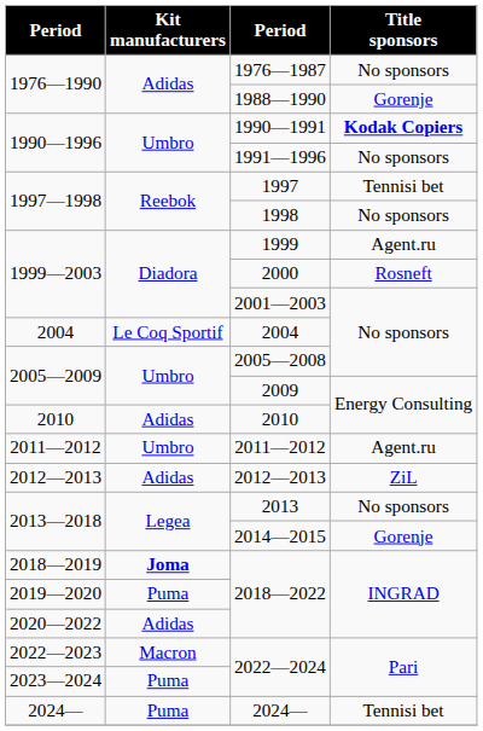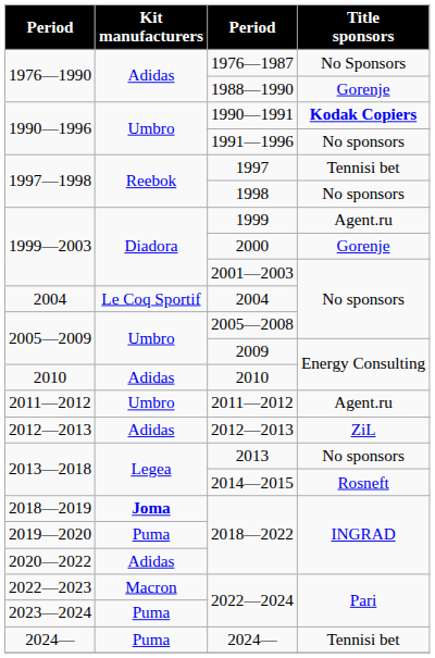 <table class="wikitable" style="text-align: center;">
 <tr>
 <th style="background:  black; color:white" align=right>Period</th>
 <th style="background:  black; color:white" align=right>Kit<br>manufacturers</th>
 <th style="background:  black; color:white" align=right>Period</th>
 <th style="background:  black; color:white" align=right>Title<br>sponsors</th>
 </tr>
 <tr>
 <td rowspan="2">1976—1990</td>
 <td rowspan="2"><a href='#'>Adidas</a></td>
 <td>1976—1987</td>
-<td>No sponsors</td>
+<td>No Sponsors</td>
 </tr>
 <tr>
 <td>1988—1990</td>
 <td><a href='#'>Gorenje</a></td>
 </tr>
 <tr>
 <td rowspan="2">1990—1996</td>
 <td rowspan="2"><a href='#'>Umbro</a></td>
 <td>1990—1991</td>
 <td><strong><a href='#'>Kodak Copiers</a></strong></td>
 </tr>
 <tr>
 <td>1991—1996</td>
 <td>No sponsors</td>
 </tr>
 <tr>
 <td rowspan="2">1997—1998</td>
 <td rowspan="2"><a href='#'>Reebok</a></td>
 <td>1997</td>
 <td>Tennisi bet</td>
 </tr>
 <tr>
 <td>1998</td>
 <td>No sponsors</td>
 </tr>
 <tr>
 <td rowspan="3">1999—2003</td>
 <td rowspan="3"><a href='#'>Diadora</a></td>
 <td>1999</td>
 <td>Agent.ru</td>
 </tr>
 <tr>
 <td>2000</td>
-<td><a href='#'>Rosneft</a></td>
+<td><a href='#'>Gorenje</a></td>
 </tr>
 <tr>
 <td>2001—2003</td>
 <td rowspan="3">No sponsors</td>
 </tr>
 <tr>
 <td>2004</td>
 <td><a href='#'>Le Coq Sportif</a></td>
 <td>2004</td>
 </tr>
 <tr>
 <td rowspan="2">2005—2009</td>
 <td rowspan="2"><a href='#'>Umbro</a></td>
 <td>2005—2008</td>
 </tr>
 <tr>
 <td>2009</td>
 <td rowspan="2">Energy Consulting</td>
 </tr>
 <tr>
 <td>2010</td>
 <td><a href='#'>Adidas</a></td>
 <td>2010</td>
 </tr>
 <tr>
 <td>2011—2012</td>
 <td><a href='#'>Umbro</a></td>
 <td>2011—2012</td>
 <td>Agent.ru</td>
 </tr>
 <tr>
 <td>2012—2013</td>
 <td><a href='#'>Adidas</a></td>
 <td>2012—2013</td>
 <td><a href='#'>ZiL</a></td>
 </tr>
 <tr>
 <td rowspan="2">2013—2018</td>
 <td rowspan="2"><a href='#'>Legea</a></td>
 <td>2013</td>
 <td>No sponsors</td>
 </tr>
 <tr>
 <td>2014—2015</td>
-<td><a href='#'>Gorenje</a></td>
+<td><a href='#'>Rosneft</a></td>
 </tr>
 <tr>
 <td>2018—2019</td>
 <td><strong><a href='#'>Joma</a></strong></td>
 <td rowspan="3">2018—2022</td>
 <td rowspan="3"><a href='#'>INGRAD</a></td>
 </tr>
 <tr>
 <td>2019—2020</td>
 <td><a href='#'>Puma</a></td>
 </tr>
 <tr>
 <td>2020—2022</td>
 <td><a href='#'>Adidas</a></td>
 </tr>
 <tr>
 <td>2022—2023</td>
 <td><a href='#'>Macron</a></td>
 <td rowspan="2">2022—2024</td>
 <td rowspan="2"><a href='#'>Pari</a></td>
 </tr>
 <tr>
 <td>2023—2024</td>
 <td><a href='#'>Puma</a></td>
 </tr>
 <tr>
 <td>2024—</td>
 <td><a href='#'>Puma</a></td>
 <td>2024—</td>
 <td>Tennisi bet</td>
 </tr>
 <tr>
 </tr>
 </table>
